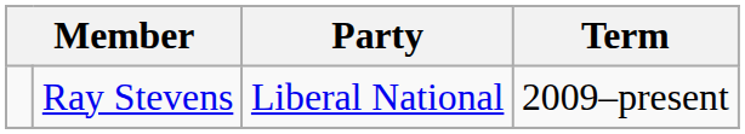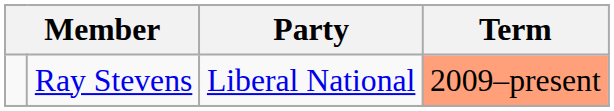 <table class="wikitable">
 <tr>
 <th colspan="2">Member</th>
 <th>Party</th>
 <th>Term</th>
 </tr>
 <tr>
 <td> </td>
 <td><a href='#'>Ray Stevens</a></td>
 <td><a href='#'>Liberal National</a></td>
-<td>2009–present</td>
+<td style="background: lightsalmon;">2009–present</td>
 </tr>
 <tr>
 </tr>
 </table>
